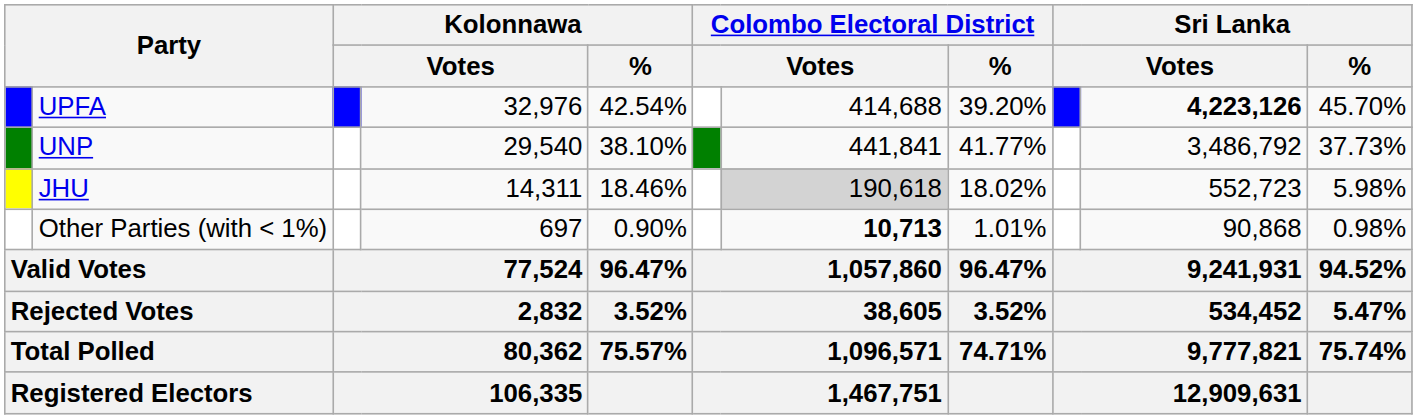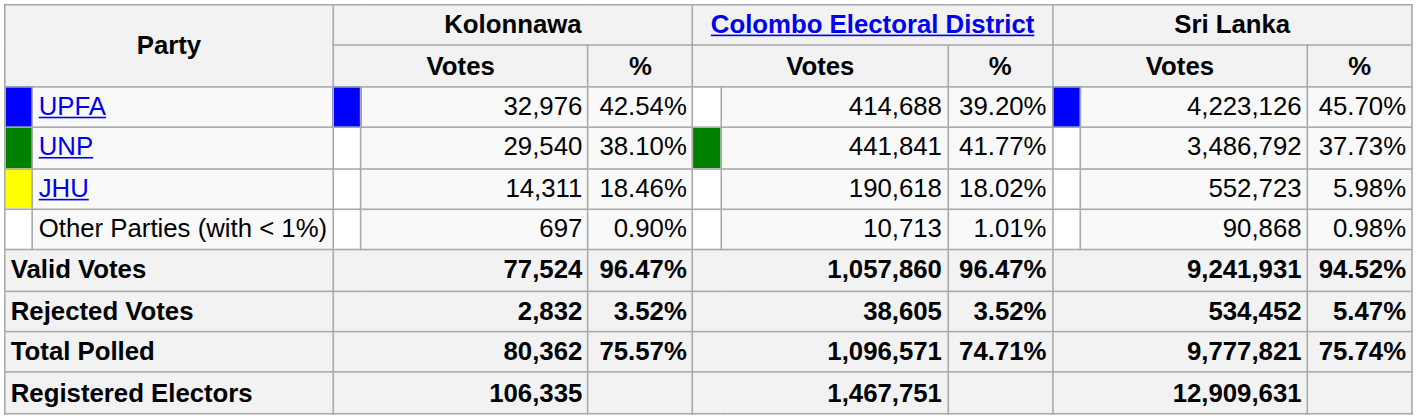 <table class="wikitable">
 <tr>
 <th colspan="2" width="144px"rowspan="2">Party</th>
 <th colspan="3" width="216px">Kolonnawa</th>
 <th colspan="3" width="216px"><a href='#'>Colombo Electoral District</a></th>
 <th colspan="3" width="216px">Sri Lanka</th>
 </tr>
 <tr>
 <th colspan="2" width="144px">Votes</th>
 <th>%</th>
 <th colspan="2" width="144px">Votes</th>
 <th>%</th>
 <th colspan="2" width="144px">Votes</th>
 <th>%</th>
 </tr>
 <tr>
 <td style="background-color:blue;" width="10px"></td>
 <td style="text-align:left;"><a href='#'>UPFA</a></td>
 <td style="background-color:blue;" width="10px"></td>
 <td style="text-align:right;">32,976</td>
 <td style="text-align:right;">42.54%</td>
 <td style="background-color:white;" width="10px"></td>
 <td style="text-align:right;">414,688</td>
 <td style="text-align:right;">39.20%</td>
 <td style="background-color:blue;" width="10px"></td>
-<td style="text-align:right;"><strong>4,223,126</strong></td>
+<td style="text-align:right;">4,223,126</td>
 <td style="text-align:right;">45.70%</td>
 </tr>
 <tr>
 <td style="background-color:green;" width="10px"></td>
 <td style="text-align:left;"><a href='#'>UNP</a></td>
 <td style="background-color:white;" width="10px"></td>
 <td style="text-align:right;">29,540</td>
 <td style="text-align:right;">38.10%</td>
 <td style="background-color:green;" width="10px"></td>
 <td style="text-align:right;">441,841</td>
 <td style="text-align:right;">41.77%</td>
 <td style="background-color:white;" width="10px"></td>
 <td style="text-align:right;">3,486,792</td>
 <td style="text-align:right;">37.73%</td>
 </tr>
 <tr>
 <td style="background-color:yellow;" width="10px"></td>
 <td style="text-align:left;"><a href='#'>JHU</a></td>
 <td style="background-color:white;" width="10px"></td>
 <td style="text-align:right;">14,311</td>
 <td style="text-align:right;">18.46%</td>
 <td style="background-color:white;" width="10px"></td>
-<td style="background: lightgrey; text-align:right;">190,618</td>
+<td style="text-align:right;">190,618</td>
 <td style="text-align:right;">18.02%</td>
 <td style="background-color:white;" width="10px"></td>
 <td style="text-align:right;">552,723</td>
 <td style="text-align:right;">5.98%</td>
 </tr>
 <tr>
 <td style="background-color:white;" width="10px"></td>
 <td style="text-align:left;">Other Parties (with < 1%)</td>
 <td style="background-color:white;" width="10px"></td>
 <td style="text-align:right;">697</td>
 <td style="text-align:right;">0.90%</td>
 <td style="background-color:white;" width="10px"></td>
-<td style="text-align:right;"><strong>10,713</strong></td>
+<td style="text-align:right;">10,713</td>
 <td style="text-align:right;">1.01%</td>
 <td style="background-color:white;" width="10px"></td>
 <td style="text-align:right;">90,868</td>
 <td style="text-align:right;">0.98%</td>
 </tr>
 <tr>
 <th colspan="2" width="144px"style="text-align:left;">Valid Votes</th>
 <th style="text-align:right;"colspan="2" width="144px">77,524</th>
 <th style="text-align:right;">96.47%</th>
 <th style="text-align:right;"colspan="2" width="144px">1,057,860</th>
 <th style="text-align:right;">96.47%</th>
 <th style="text-align:right;"colspan="2" width="144px">9,241,931</th>
 <th style="text-align:right;">94.52%</th>
 </tr>
 <tr>
 <th colspan="2" width="144px"style="text-align:left;">Rejected Votes</th>
 <th style="text-align:right;"colspan="2" width="144px">2,832</th>
 <th style="text-align:right;">3.52%</th>
 <th style="text-align:right;"colspan="2" width="144px">38,605</th>
 <th style="text-align:right;">3.52%</th>
 <th style="text-align:right;"colspan="2" width="144px">534,452</th>
 <th style="text-align:right;">5.47%</th>
 </tr>
 <tr>
 <th colspan="2" width="144px"style="text-align:left;">Total Polled</th>
 <th style="text-align:right;"colspan="2" width="144px">80,362</th>
 <th style="text-align:right;">75.57%</th>
 <th style="text-align:right;"colspan="2" width="144px">1,096,571</th>
 <th style="text-align:right;">74.71%</th>
 <th style="text-align:right;"colspan="2" width="144px">9,777,821</th>
 <th style="text-align:right;">75.74%</th>
 </tr>
 <tr>
 <th colspan="2" width="144px"style="text-align:left;">Registered Electors</th>
 <th style="text-align:right;"colspan="2" width="144px">106,335</th>
 <th></th>
 <th style="text-align:right;"colspan="2" width="144px">1,467,751</th>
 <th></th>
 <th style="text-align:right;"colspan="2" width="144px">12,909,631</th>
 <th></th>
 </tr>
 </table>
